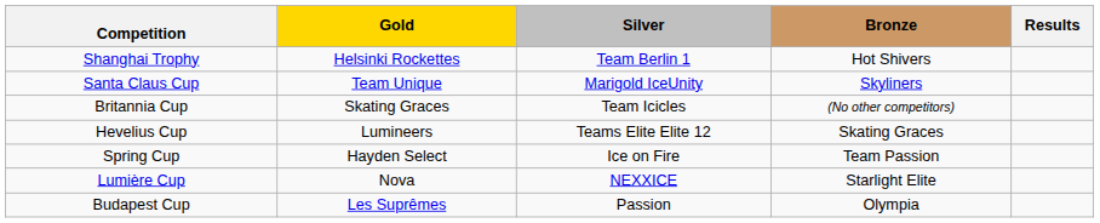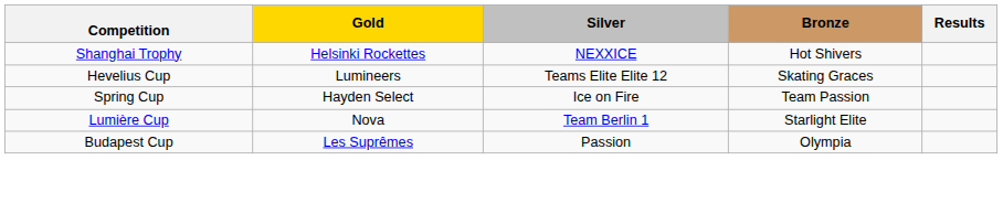 <table class="wikitable" style="text-align:center; width:90%;">
 <tr>
 <th scope="col" style="text-align:center; width:25%;"><br>Competition</th>
 <td bgcolor="gold" align="center"><strong>Gold</strong></td>
 <td bgcolor="silver" align="center"><strong>Silver</strong></td>
 <td bgcolor="cc9966" align="center"><strong>Bronze</strong></td>
 <th scope="col" style="text-align:center; width:7.5%;">Results</th>
 </tr>
 <tr>
 <td><a href='#'>Shanghai Trophy</a></td>
 <td><a href='#'>Helsinki Rockettes</a></td>
-<td><a href='#'>Team Berlin 1</a></td>
+<td><a href='#'>NEXXICE</a></td>
 <td>Hot Shivers</td>
-<td></td>
-</tr>
-<tr>
-<td><a href='#'>Santa Claus Cup</a></td>
-<td><a href='#'>Team Unique</a></td>
-<td><a href='#'>Marigold IceUnity</a></td>
-<td><a href='#'>Skyliners</a></td>
-<td></td>
-</tr>
-<tr>
-<td>Britannia Cup</td>
-<td>Skating Graces</td>
-<td>Team Icicles</td>
-<td><small><em>(No other competitors)</em></small></td>
 <td></td>
 </tr>
 <tr>
 <td>Hevelius Cup</td>
 <td>Lumineers</td>
 <td>Teams Elite Elite 12</td>
 <td>Skating Graces</td>
 <td></td>
 </tr>
 <tr>
 <td>Spring Cup</td>
 <td>Hayden Select</td>
 <td>Ice on Fire</td>
 <td>Team Passion</td>
 <td></td>
 </tr>
 <tr>
 <td><a href='#'>Lumière Cup</a></td>
 <td>Nova</td>
-<td><a href='#'>NEXXICE</a></td>
+<td><a href='#'>Team Berlin 1</a></td>
 <td>Starlight Elite</td>
 <td></td>
 </tr>
 <tr>
 <td align="center">Budapest Cup</td>
 <td><a href='#'>Les Suprêmes</a></td>
 <td>Passion</td>
 <td>Olympia</td>
 <td></td>
 </tr>
 </table>
